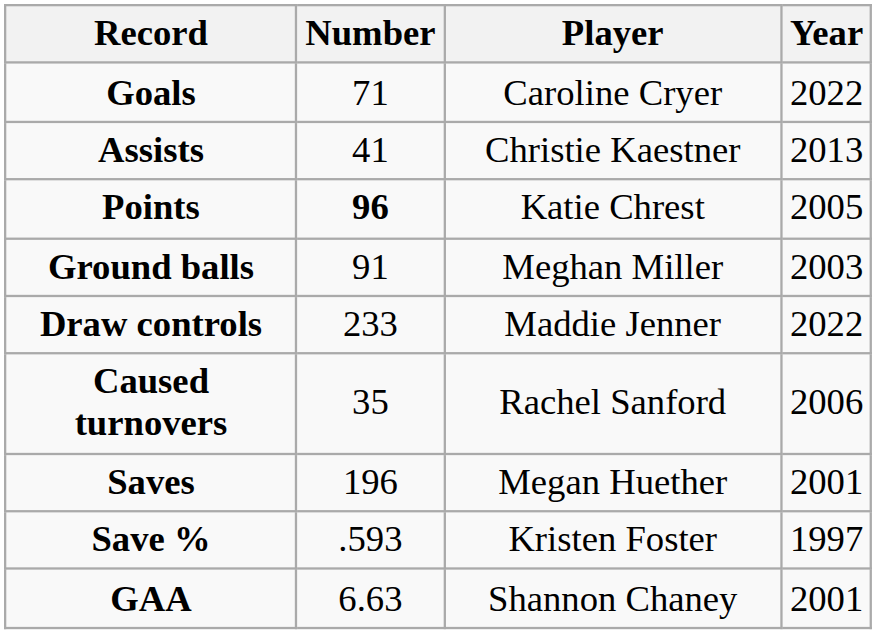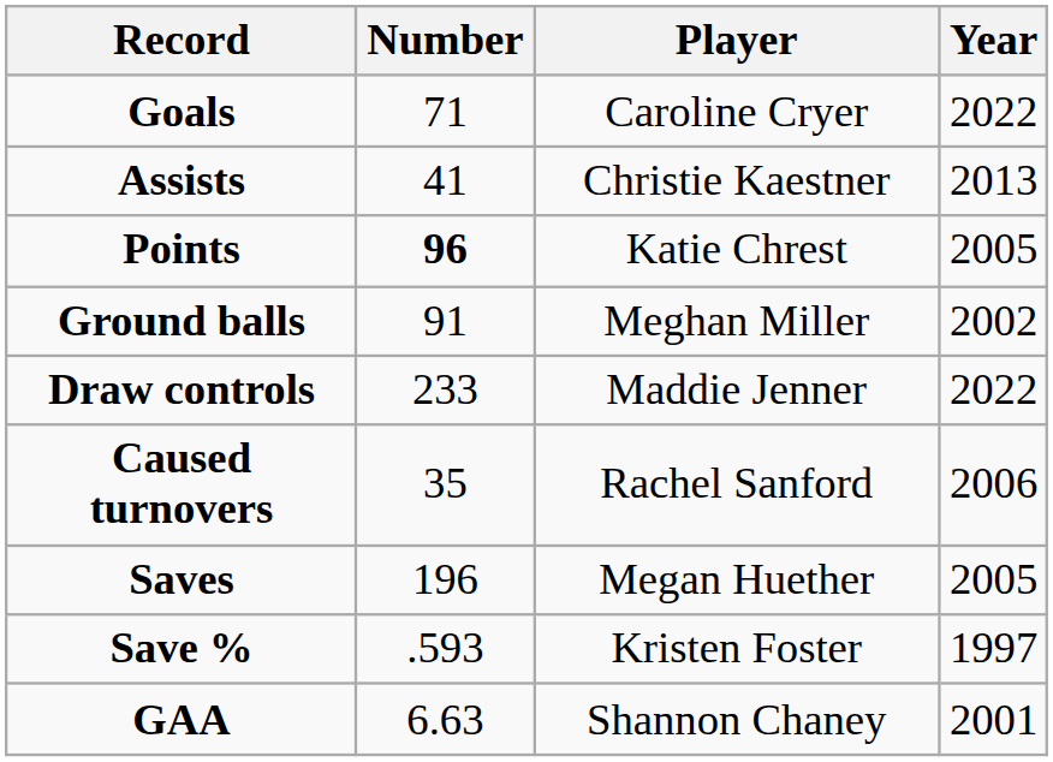 <table class="wikitable">
 <tr>
 <th style="width:120px; ">Record</th>
 <th style="width:35px; ">Number</th>
 <th style="width:140px; ">Player</th>
 <th style="width:30px; ">Year</th>
 </tr>
 <tr style="text-align:center;">
 <td><strong>Goals</strong></td>
 <td>71</td>
 <td>Caroline Cryer</td>
 <td>2022</td>
 </tr>
 <tr style="text-align:center;">
 <td><strong>Assists</strong></td>
 <td>41</td>
 <td>Christie Kaestner</td>
 <td>2013</td>
 </tr>
 <tr style="text-align:center;">
 <td><strong>Points</strong></td>
 <td><strong>96</strong></td>
 <td>Katie Chrest</td>
 <td>2005</td>
 </tr>
 <tr style="text-align:center;">
 <td><strong>Ground balls</strong></td>
 <td>91</td>
 <td>Meghan Miller</td>
-<td>2003</td>
+<td>2002</td>
 </tr>
 <tr style="text-align:center;">
 <td><strong>Draw controls</strong></td>
 <td>233</td>
 <td>Maddie Jenner</td>
 <td>2022</td>
 </tr>
 <tr style="text-align:center;">
 <td><strong>Caused turnovers</strong></td>
 <td>35</td>
 <td>Rachel Sanford</td>
 <td>2006</td>
 </tr>
 <tr style="text-align:center;">
 <td><strong>Saves</strong></td>
 <td>196</td>
 <td>Megan Huether</td>
-<td>2001</td>
+<td>2005</td>
 </tr>
 <tr style="text-align:center;">
 <td><strong>Save %</strong></td>
 <td>.593</td>
 <td>Kristen Foster</td>
 <td>1997</td>
 </tr>
 <tr style="text-align:center;">
 <td><strong>GAA</strong></td>
 <td>6.63</td>
 <td>Shannon Chaney</td>
 <td>2001</td>
 </tr>
 </table>
